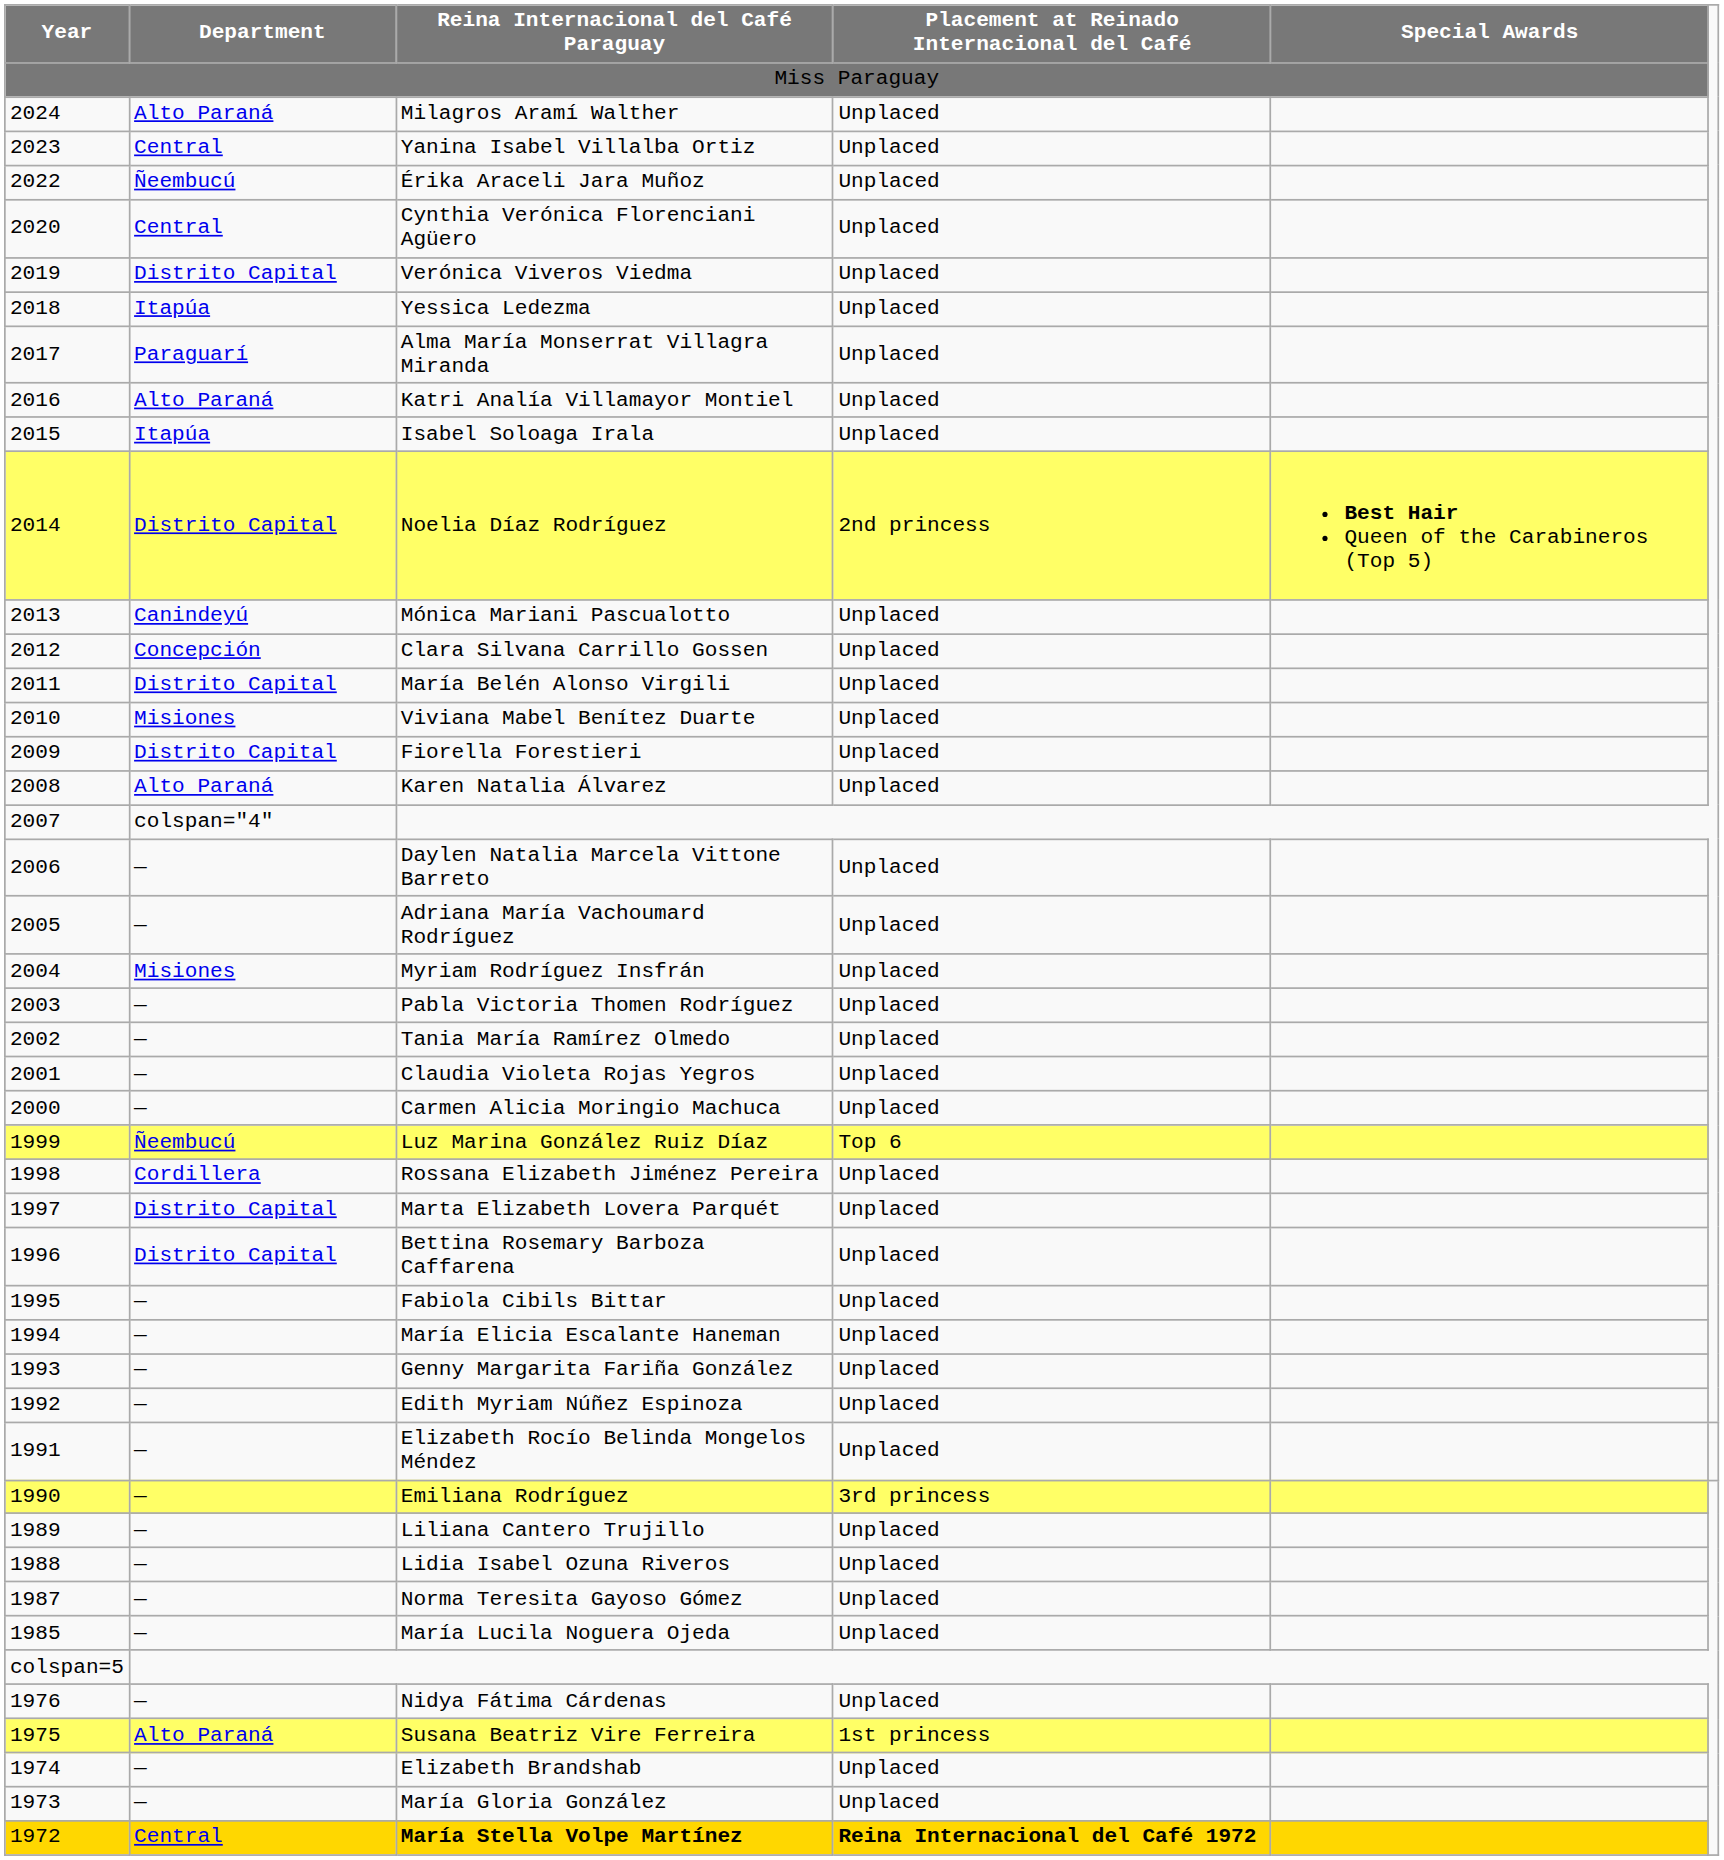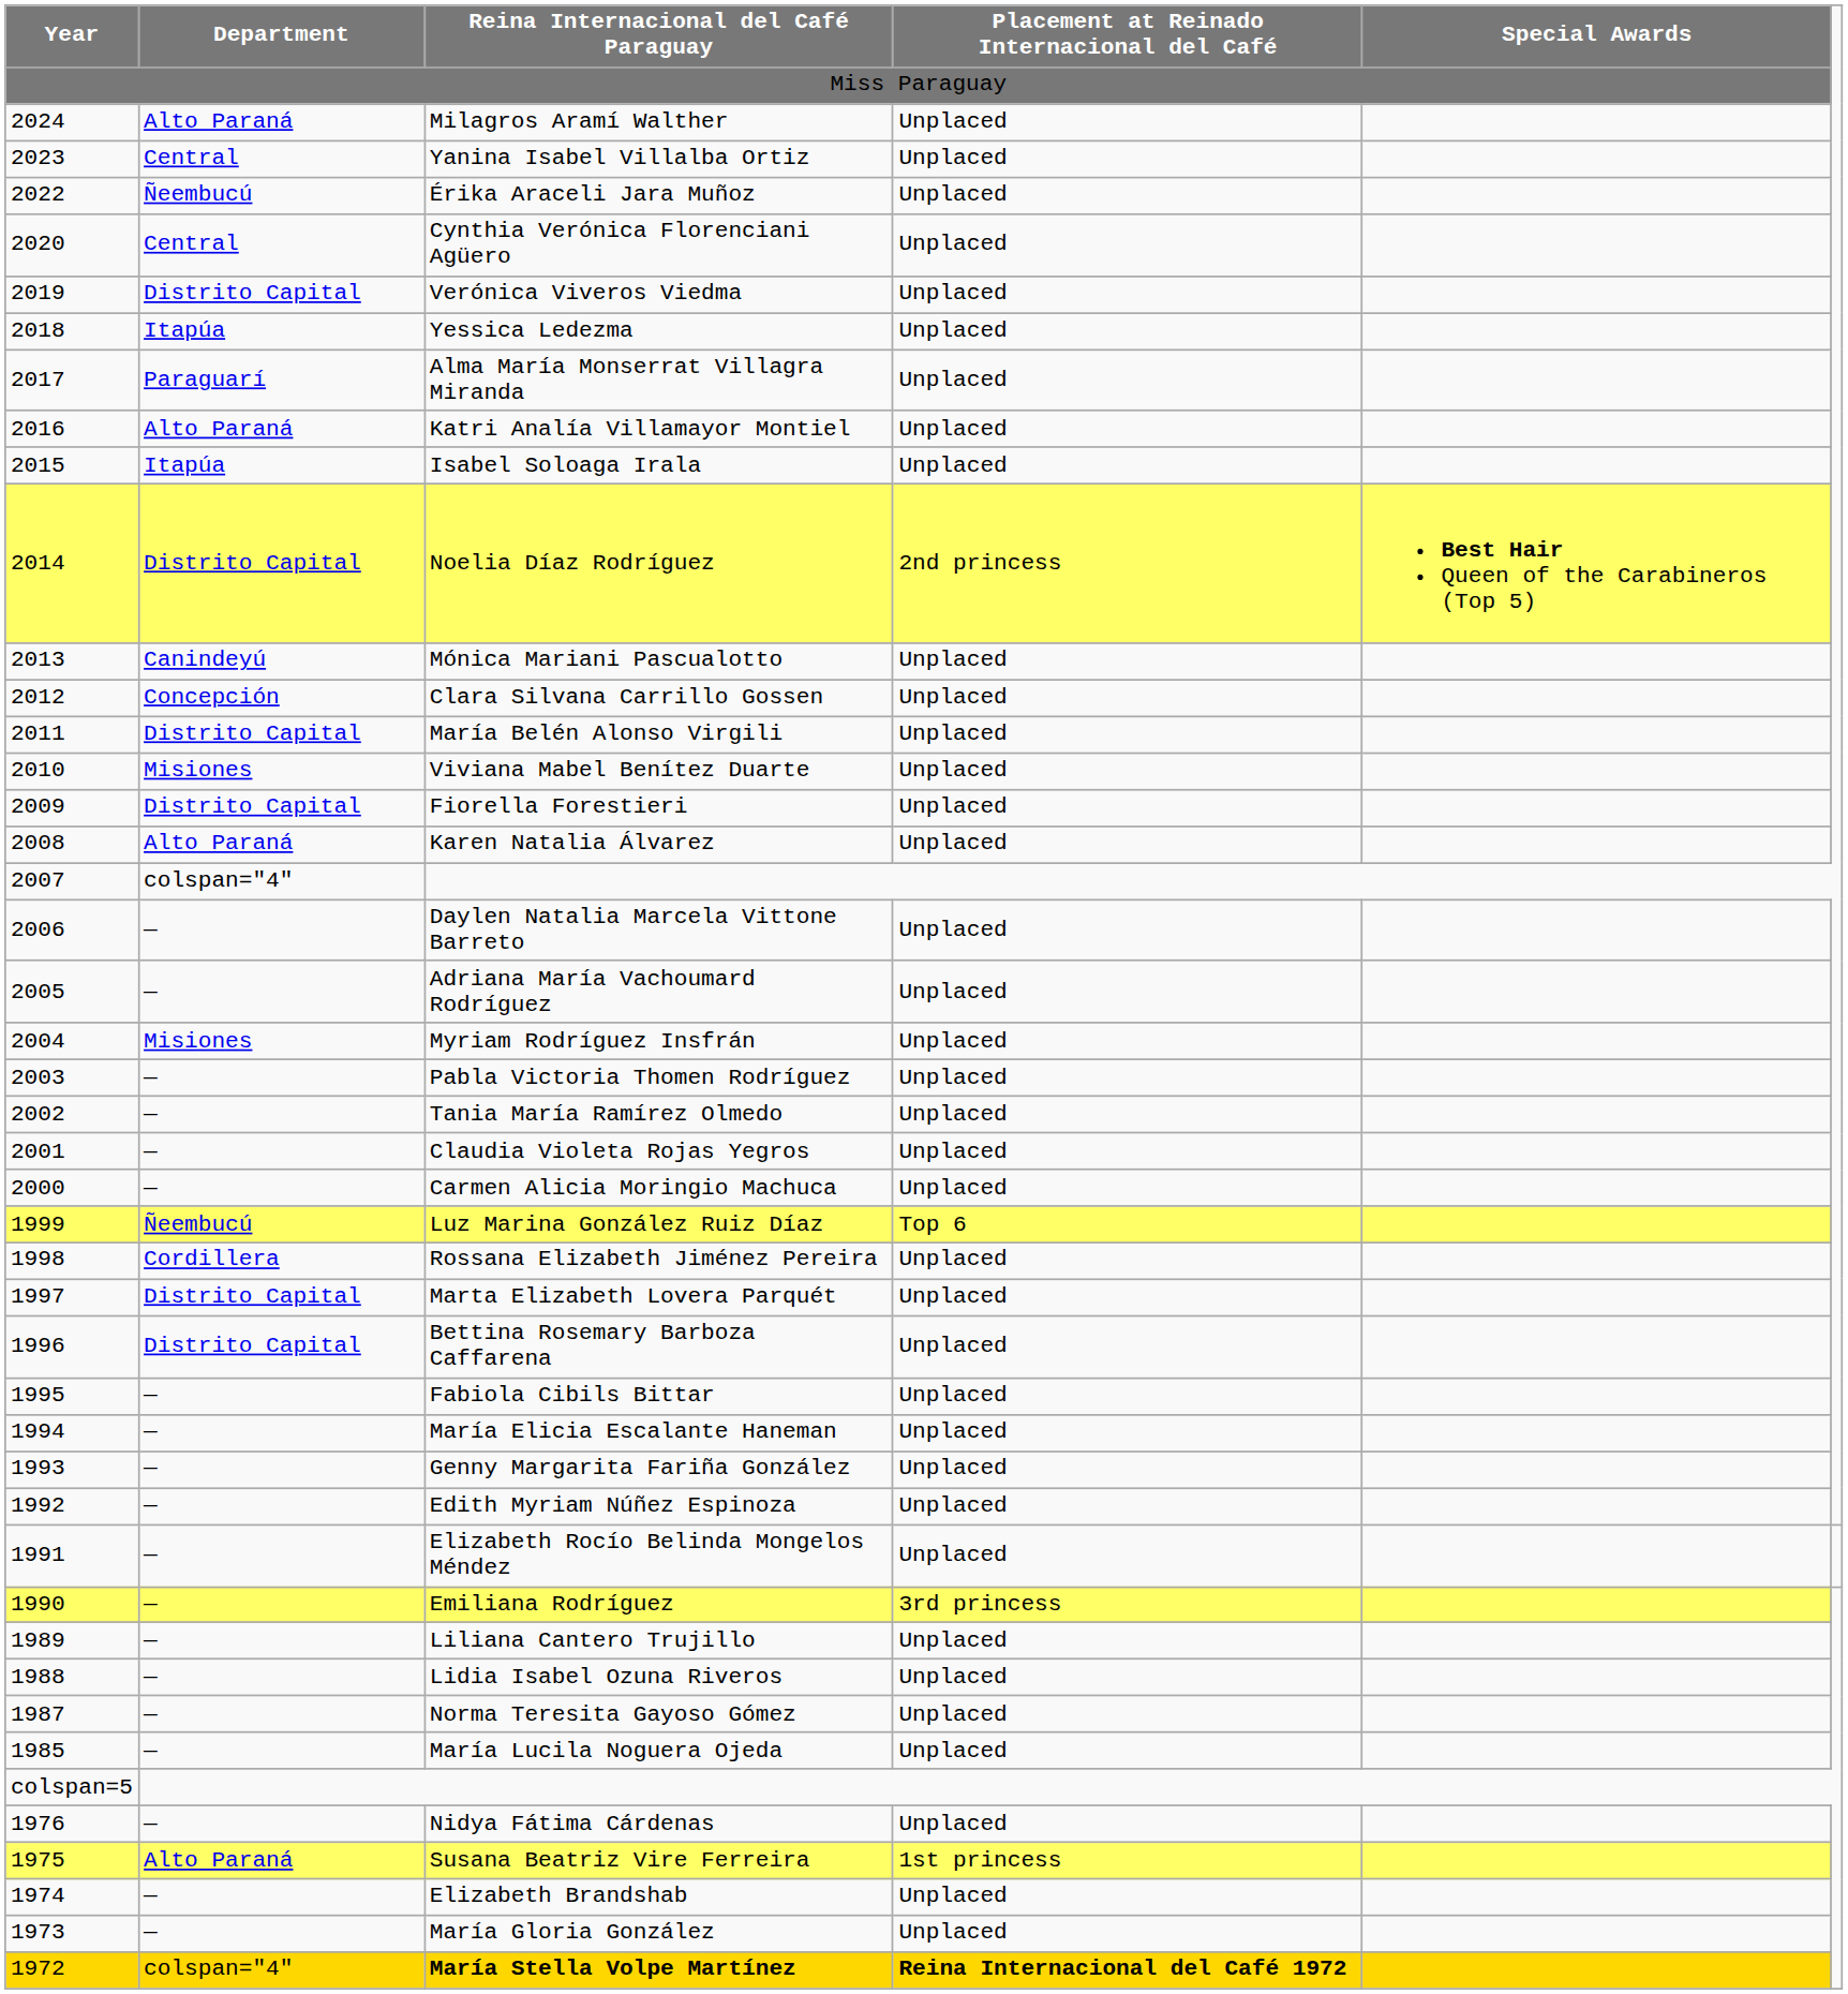 <table class="wikitable " style="font-size: 95%;">
 <tr>
 <th width="60" style="background-color:#787878;color:#FFFFFF;">Year</th>
 <th width="150" style="background-color:#787878;color:#FFFFFF;">Department</th>
 <th width="250" style="background-color:#787878;color:#FFFFFF;">Reina Internacional del Café Paraguay</th>
 <th width="250" style="background-color:#787878;color:#FFFFFF;">Placement at Reinado Internacional del Café</th>
 <th width="250" style="background-color:#787878;color:#FFFFFF;">Special Awards</th>
 </tr>
 <tr bgcolor="#787878" align="center">
 <td colspan="5"><span>Miss Paraguay</span></td>
 </tr>
 <tr>
 <td>2024</td>
 <td><a href='#'>Alto Paraná</a></td>
 <td>Milagros Aramí Walther</td>
 <td>Unplaced</td>
 <td></td>
 </tr>
 <tr>
 <td>2023</td>
 <td><a href='#'>Central</a></td>
 <td>Yanina Isabel Villalba Ortiz</td>
 <td>Unplaced</td>
 <td></td>
 </tr>
 <tr>
 <td>2022</td>
 <td><a href='#'>Ñeembucú</a></td>
 <td>Érika Araceli Jara Muñoz</td>
 <td>Unplaced</td>
 <td></td>
 </tr>
 <tr>
 <td>2020</td>
 <td><a href='#'>Central</a></td>
 <td>Cynthia Verónica Florenciani Agüero</td>
 <td>Unplaced</td>
 <td></td>
 </tr>
 <tr>
 <td>2019</td>
 <td><a href='#'>Distrito Capital</a></td>
 <td>Verónica Viveros Viedma</td>
 <td>Unplaced</td>
 <td></td>
 </tr>
 <tr>
 <td>2018</td>
 <td><a href='#'>Itapúa</a></td>
 <td>Yessica Ledezma</td>
 <td>Unplaced</td>
 <td></td>
 </tr>
 <tr>
 <td>2017</td>
 <td><a href='#'>Paraguarí</a></td>
 <td>Alma María Monserrat Villagra Miranda</td>
 <td>Unplaced</td>
 <td></td>
 </tr>
 <tr>
 <td>2016</td>
 <td><a href='#'>Alto Paraná</a></td>
 <td>Katri Analía Villamayor Montiel</td>
 <td>Unplaced</td>
 <td></td>
 </tr>
 <tr>
 <td>2015</td>
 <td><a href='#'>Itapúa</a></td>
 <td>Isabel Soloaga Irala</td>
 <td>Unplaced</td>
 <td></td>
 </tr>
 <tr style="background-color:#FFFF66; ">
 <td>2014</td>
 <td><a href='#'>Distrito Capital</a></td>
 <td>Noelia Díaz Rodríguez</td>
 <td>2nd princess</td>
 <td align="left"><br><ul><li><strong>Best Hair</strong></li><li>Queen of the Carabineros (Top 5)</li></ul></td>
 </tr>
 <tr>
 <td>2013</td>
 <td><a href='#'>Canindeyú</a></td>
 <td>Mónica Mariani Pascualotto</td>
 <td>Unplaced</td>
 <td></td>
 </tr>
 <tr>
 <td>2012</td>
 <td><a href='#'>Concepción</a></td>
 <td>Clara Silvana Carrillo Gossen</td>
 <td>Unplaced</td>
 <td></td>
 </tr>
 <tr>
 <td>2011</td>
 <td><a href='#'>Distrito Capital</a></td>
 <td>María Belén Alonso Virgili</td>
 <td>Unplaced</td>
 <td></td>
 </tr>
 <tr>
 <td>2010</td>
 <td><a href='#'>Misiones</a></td>
 <td>Viviana Mabel Benítez Duarte</td>
 <td>Unplaced</td>
 <td></td>
 </tr>
 <tr>
 <td>2009</td>
 <td><a href='#'>Distrito Capital</a></td>
 <td>Fiorella Forestieri</td>
 <td>Unplaced</td>
 <td></td>
 </tr>
 <tr>
 <td>2008</td>
 <td><a href='#'>Alto Paraná</a></td>
 <td>Karen Natalia Álvarez</td>
 <td>Unplaced</td>
 <td></td>
 </tr>
 <tr>
 <td>2007</td>
 <td>colspan="4" </td>
 </tr>
 <tr>
 <td>2006</td>
 <td>—</td>
 <td>Daylen Natalia Marcela Vittone Barreto</td>
 <td>Unplaced</td>
 <td></td>
 </tr>
 <tr>
 <td>2005</td>
 <td>—</td>
 <td>Adriana María Vachoumard Rodríguez</td>
 <td>Unplaced</td>
 <td></td>
 </tr>
 <tr>
 <td>2004</td>
 <td><a href='#'>Misiones</a></td>
 <td>Myriam Rodríguez Insfrán</td>
 <td>Unplaced</td>
 <td></td>
 </tr>
 <tr>
 <td>2003</td>
 <td>—</td>
 <td>Pabla Victoria Thomen Rodríguez</td>
 <td>Unplaced</td>
 <td></td>
 </tr>
 <tr>
 <td>2002</td>
 <td>—</td>
 <td>Tania María Ramírez Olmedo</td>
 <td>Unplaced</td>
 <td></td>
 </tr>
 <tr>
 <td>2001</td>
 <td>—</td>
 <td>Claudia Violeta Rojas Yegros</td>
 <td>Unplaced</td>
 <td></td>
 </tr>
 <tr>
 <td>2000</td>
 <td>—</td>
 <td>Carmen Alicia Moringio Machuca</td>
 <td>Unplaced</td>
 <td></td>
 </tr>
 <tr style="background-color:#FFFF66; ">
 <td>1999</td>
 <td><a href='#'>Ñeembucú</a></td>
 <td>Luz Marina González Ruiz Díaz</td>
 <td>Top 6</td>
 <td></td>
 </tr>
 <tr>
 <td>1998</td>
 <td><a href='#'>Cordillera</a></td>
 <td>Rossana Elizabeth Jiménez Pereira</td>
 <td>Unplaced</td>
 <td></td>
 </tr>
 <tr>
 <td>1997</td>
 <td><a href='#'>Distrito Capital</a></td>
 <td>Marta Elizabeth Lovera Parquét</td>
 <td>Unplaced</td>
 <td></td>
 </tr>
 <tr>
 <td>1996</td>
 <td><a href='#'>Distrito Capital</a></td>
 <td>Bettina Rosemary Barboza Caffarena</td>
 <td>Unplaced</td>
 <td></td>
 </tr>
 <tr>
 <td>1995</td>
 <td>—</td>
 <td>Fabiola Cibils Bittar</td>
 <td>Unplaced</td>
 <td></td>
 </tr>
 <tr>
 <td>1994</td>
 <td>—</td>
 <td>María Elicia Escalante Haneman</td>
 <td>Unplaced</td>
 <td></td>
 </tr>
 <tr>
 <td>1993</td>
 <td>—</td>
 <td>Genny Margarita Fariña González</td>
 <td>Unplaced</td>
 <td></td>
 </tr>
 <tr>
 <td>1992</td>
 <td>—</td>
 <td>Edith Myriam Núñez Espinoza</td>
 <td>Unplaced</td>
 <td></td>
 </tr>
 <tr>
 <td>1991</td>
 <td>—</td>
 <td>Elizabeth Rocío Belinda Mongelos Méndez</td>
 <td>Unplaced</td>
 <td></td>
 <td></td>
 </tr>
 <tr style="background-color:#FFFF66; ">
 <td>1990</td>
 <td>—</td>
 <td>Emiliana Rodríguez</td>
 <td>3rd princess</td>
 <td></td>
 </tr>
 <tr>
 <td>1989</td>
 <td>—</td>
 <td>Liliana Cantero Trujillo</td>
 <td>Unplaced</td>
 <td></td>
 </tr>
 <tr>
 <td>1988</td>
 <td>—</td>
 <td>Lidia Isabel Ozuna Riveros</td>
 <td>Unplaced</td>
 <td></td>
 </tr>
 <tr>
 <td>1987</td>
 <td>—</td>
 <td>Norma Teresita Gayoso Gómez</td>
 <td>Unplaced</td>
 <td></td>
 </tr>
 <tr>
 <td>1985</td>
 <td>—</td>
 <td>María Lucila Noguera Ojeda</td>
 <td>Unplaced</td>
 <td></td>
 </tr>
 <tr>
 <td>colspan=5 </td>
 </tr>
 <tr>
 <td>1976</td>
 <td>—</td>
 <td>Nidya Fátima Cárdenas</td>
 <td>Unplaced</td>
 <td></td>
 </tr>
 <tr style="background-color:#FFFF66; ">
 <td>1975</td>
 <td><a href='#'>Alto Paraná</a></td>
 <td>Susana Beatriz Vire Ferreira</td>
 <td>1st princess</td>
 <td></td>
 </tr>
 <tr>
 <td>1974</td>
 <td>—</td>
 <td>Elizabeth Brandshab</td>
 <td>Unplaced</td>
 <td></td>
 </tr>
 <tr>
 <td>1973</td>
 <td>—</td>
 <td>María Gloria González</td>
 <td>Unplaced</td>
 <td></td>
 </tr>
 <tr style="background-color:gold; ">
 <td>1972</td>
-<td><a href='#'>Central</a></td>
+<td>colspan="4" </td>
 <td><strong>María Stella Volpe Martínez</strong></td>
 <td><strong>Reina Internacional del Café 1972</strong></td>
 <td></td>
 </tr>
 </table>
